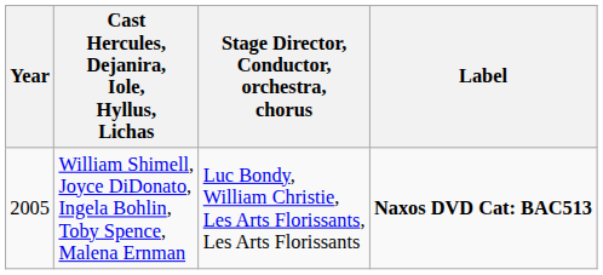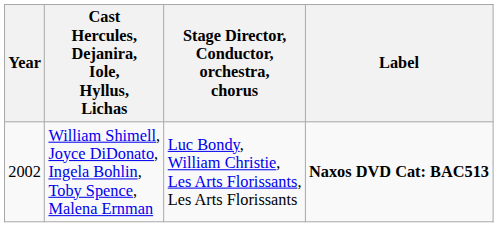 <table class="wikitable">
 <tr>
 <th>Year</th>
 <th>Cast<br>Hercules,<br>Dejanira,<br>Iole,<br>Hyllus,<br>Lichas</th>
 <th>Stage Director,<br>Conductor,<br>orchestra,<br>chorus</th>
 <th>Label</th>
 </tr>
 <tr>
-<td>2005</td>
+<td>2002</td>
 <td><a href='#'>William Shimell</a>,<br><a href='#'>Joyce DiDonato</a>,<br><a href='#'>Ingela Bohlin</a>,<br><a href='#'>Toby Spence</a>,<br><a href='#'>Malena Ernman</a></td>
 <td><a href='#'>Luc Bondy</a>,<br><a href='#'>William Christie</a>,<br><a href='#'>Les Arts Florissants</a>,<br>Les Arts Florissants</td>
 <td><strong>Naxos DVD Cat: BAC513</strong></td>
 </tr>
 </table>
